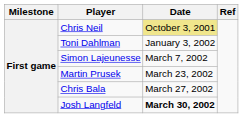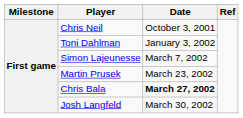 <table class="wikitable">
 <tr>
 <th scope="col">Milestone</th>
 <th scope="col">Player</th>
 <th scope="col">Date</th>
 <th scope="col">Ref</th>
 </tr>
 <tr>
 <th rowspan=6>First game</th>
 <td><a href='#'>Chris Neil</a></td>
-<td style="background: khaki;">October 3, 2001</td>
+<td>October 3, 2001</td>
 <td rowspan=6></td>
 </tr>
 <tr>
 <td><a href='#'>Toni Dahlman</a></td>
 <td>January 3, 2002</td>
 </tr>
 <tr>
 <td><a href='#'>Simon Lajeunesse</a></td>
 <td>March 7, 2002</td>
 </tr>
 <tr>
 <td><a href='#'>Martin Prusek</a></td>
 <td>March 23, 2002</td>
 </tr>
 <tr>
 <td><a href='#'>Chris Bala</a></td>
-<td>March 27, 2002</td>
+<td><strong>March 27, 2002</strong></td>
 </tr>
 <tr>
 <td><a href='#'>Josh Langfeld</a></td>
-<td><strong>March 30, 2002</strong></td>
+<td>March 30, 2002</td>
 </tr>
 </table>
